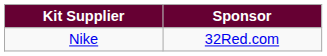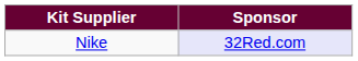 <table class="wikitable"  style="text-align:center; font-size:90%; ">
 <tr>
 <th style="background:#660033;color:#FFFFFF; width:150px;">Kit Supplier</th>
 <th style="background:#660033;color:#FFFFFF; width:150px;">Sponsor</th>
 </tr>
 <tr>
 <td><a href='#'>Nike</a></td>
-<td><a href='#'>32Red.com</a></td>
+<td style="background: lavender;"><a href='#'>32Red.com</a></td>
 </tr>
 </table>
